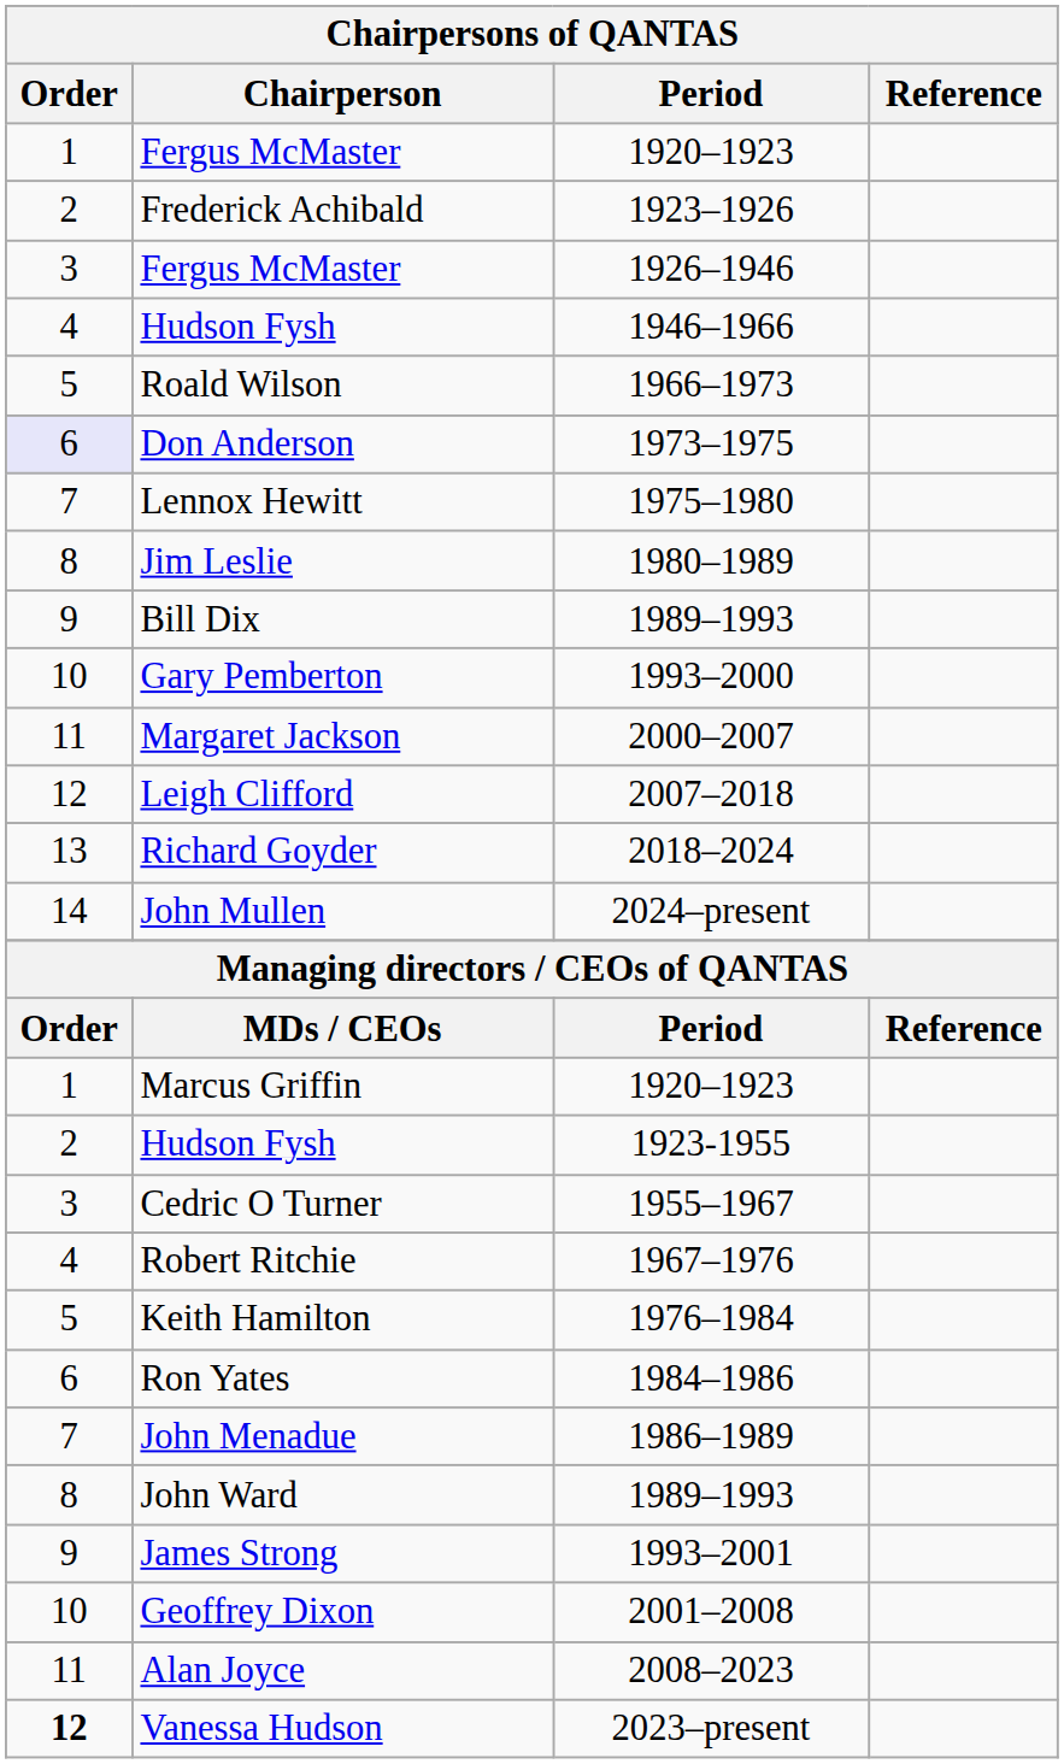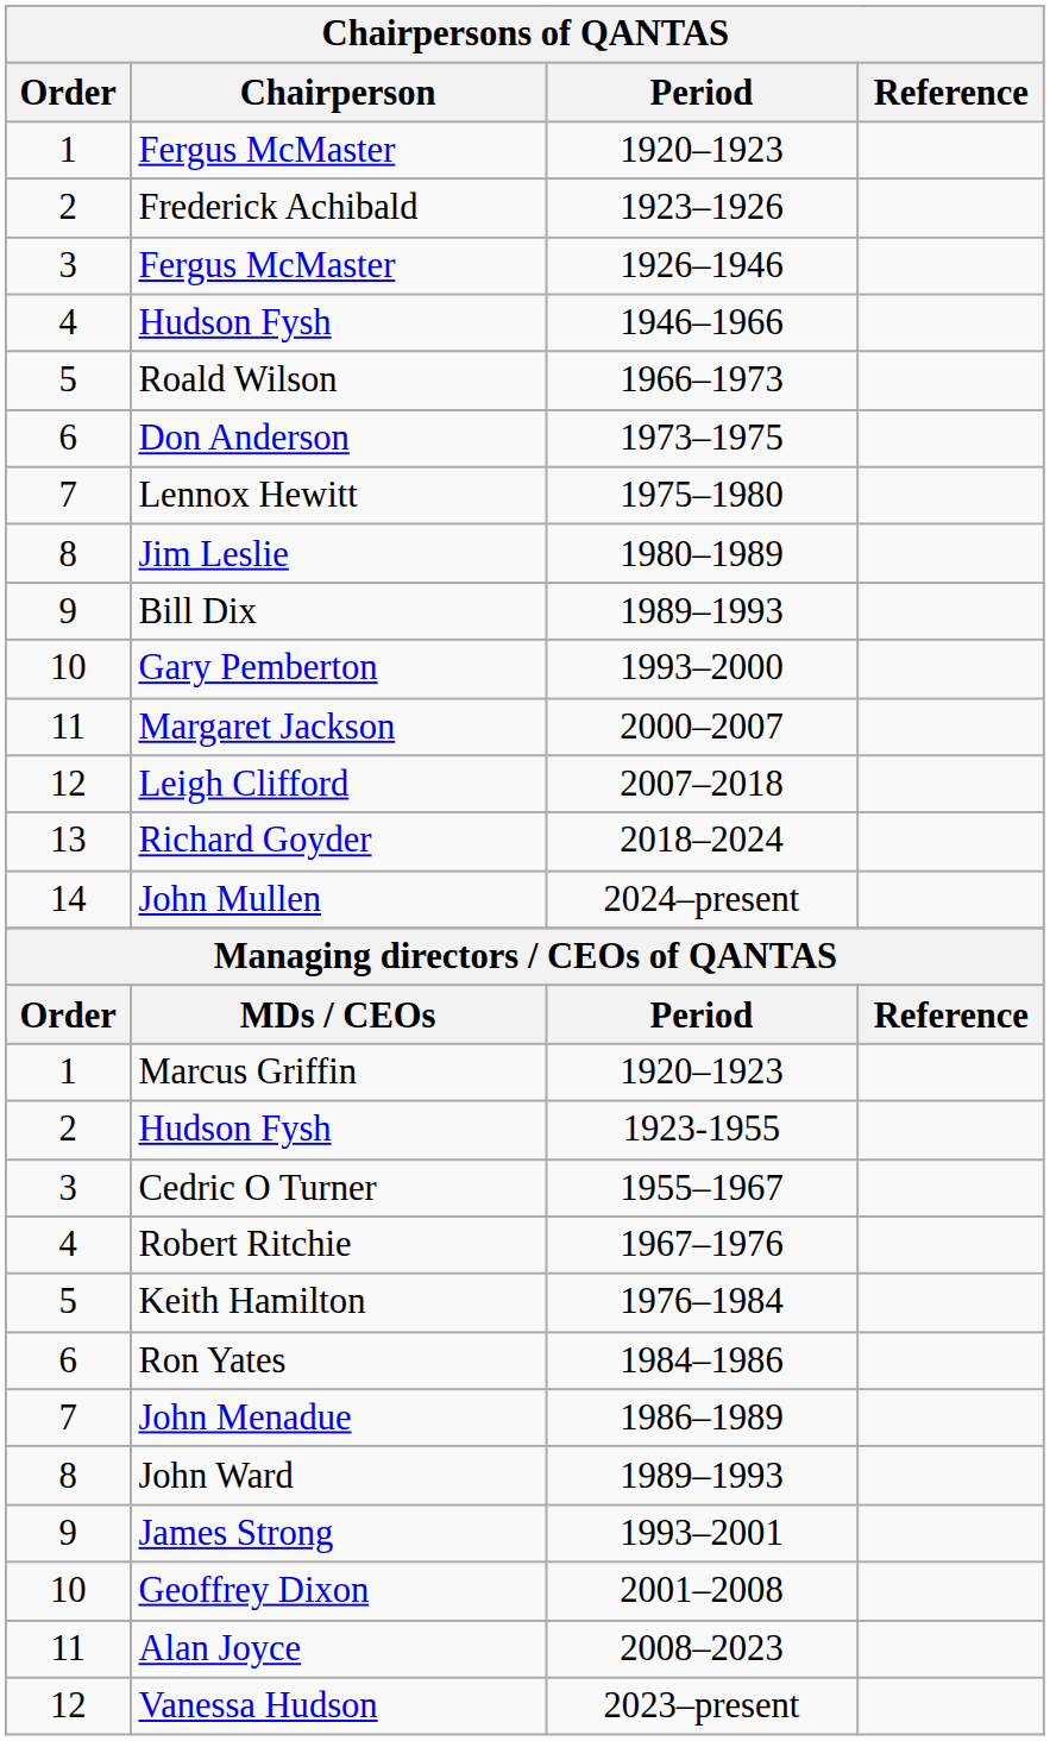 <table class="wikitable">
 <tr>
 <th colspan=4 width=450>Chairpersons of QANTAS</th>
 </tr>
 <tr>
 <th>Order</th>
 <th>Chairperson</th>
 <th>Period</th>
 <th>Reference</th>
 </tr>
 <tr>
 <td align=center>1</td>
 <td><a href='#'>Fergus McMaster</a></td>
 <td align=center>1920–1923</td>
 <td></td>
 </tr>
 <tr>
 <td align=center>2</td>
 <td>Frederick Achibald</td>
 <td align=center>1923–1926</td>
 <td></td>
 </tr>
 <tr>
 <td align=center>3</td>
 <td><a href='#'>Fergus McMaster</a></td>
 <td align=center>1926–1946</td>
 <td></td>
 </tr>
 <tr>
 <td align=center>4</td>
 <td><a href='#'>Hudson Fysh</a></td>
 <td align=center>1946–1966</td>
 <td></td>
 </tr>
 <tr>
 <td align=center>5</td>
 <td>Roald Wilson</td>
 <td align=center>1966–1973</td>
 <td></td>
 </tr>
 <tr>
-<td align=center style="background: lavender;">6</td>
+<td align=center>6</td>
 <td><a href='#'>Don Anderson</a></td>
 <td align=center>1973–1975</td>
 <td></td>
 </tr>
 <tr>
 <td align=center>7</td>
 <td>Lennox Hewitt</td>
 <td align=center>1975–1980</td>
 <td></td>
 </tr>
 <tr>
 <td align=center>8</td>
 <td><a href='#'>Jim Leslie</a></td>
 <td align=center>1980–1989</td>
 <td></td>
 </tr>
 <tr>
 <td align=center>9</td>
 <td>Bill Dix</td>
 <td align=center>1989–1993</td>
 <td></td>
 </tr>
 <tr>
 <td align=center>10</td>
 <td><a href='#'>Gary Pemberton</a></td>
 <td align=center>1993–2000</td>
 <td></td>
 </tr>
 <tr>
 <td align=center>11</td>
 <td><a href='#'>Margaret Jackson</a></td>
 <td align=center>2000–2007</td>
 <td></td>
 </tr>
 <tr>
 <td align=center>12</td>
 <td><a href='#'>Leigh Clifford</a></td>
 <td align=center>2007–2018</td>
 <td></td>
 </tr>
 <tr>
 <td align=center>13</td>
 <td><a href='#'>Richard Goyder</a></td>
 <td align=center>2018–2024</td>
 <td></td>
 </tr>
 <tr>
 <td align=center>14</td>
 <td><a href='#'>John Mullen</a></td>
 <td align=center>2024–present</td>
 <td></td>
 </tr>
 <tr>
 </tr>
 <tr>
 <th colspan=4 width=450>Managing directors / CEOs of QANTAS</th>
 </tr>
 <tr>
 <th>Order</th>
 <th width=40%>MDs / CEOs</th>
 <th width=30%>Period</th>
 <th>Reference</th>
 </tr>
 <tr>
 <td align=center>1</td>
 <td>Marcus Griffin</td>
 <td align=center>1920–1923</td>
 <td></td>
 </tr>
 <tr>
 <td align=center>2</td>
 <td><a href='#'>Hudson Fysh</a></td>
 <td align=center>1923-1955</td>
 <td></td>
 </tr>
 <tr>
 <td align=center>3</td>
 <td>Cedric O Turner</td>
 <td align=center>1955–1967</td>
 <td></td>
 </tr>
 <tr>
 <td align=center>4</td>
 <td>Robert Ritchie</td>
 <td align=center>1967–1976</td>
 <td></td>
 </tr>
 <tr>
 <td align=center>5</td>
 <td>Keith Hamilton</td>
 <td align=center>1976–1984</td>
 <td></td>
 </tr>
 <tr>
 <td align=center>6</td>
 <td>Ron Yates</td>
 <td align=center>1984–1986</td>
 <td></td>
 </tr>
 <tr>
 <td align=center>7</td>
 <td><a href='#'>John Menadue</a></td>
 <td align=center>1986–1989</td>
 <td></td>
 </tr>
 <tr>
 <td align=center>8</td>
 <td>John Ward</td>
 <td align=center>1989–1993</td>
 <td></td>
 </tr>
 <tr>
 <td align=center>9</td>
 <td><a href='#'>James Strong</a></td>
 <td align=center>1993–2001</td>
 <td></td>
 </tr>
 <tr>
 <td align=center>10</td>
 <td><a href='#'>Geoffrey Dixon</a></td>
 <td align=center>2001–2008</td>
 <td></td>
 </tr>
 <tr>
 <td align=center>11</td>
 <td><a href='#'>Alan Joyce</a></td>
 <td align=center>2008–2023</td>
 <td></td>
 </tr>
 <tr>
-<td align=center><strong>12</strong></td>
+<td align=center>12</td>
 <td><a href='#'>Vanessa Hudson</a></td>
 <td align=center>2023–present</td>
 <td></td>
 </tr>
 </table>
